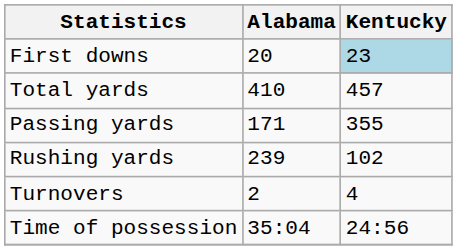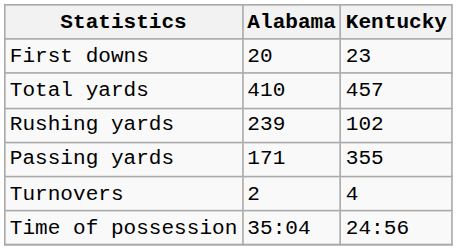 <table class="wikitable" style="float: left;">
 <tr>
 <th>Statistics</th>
 <th>Alabama</th>
 <th>Kentucky</th>
 </tr>
 <tr>
 <td>First downs</td>
 <td>20</td>
-<td style="background: lightblue;">23</td>
+<td>23</td>
 </tr>
 <tr>
 <td>Total yards</td>
 <td>410</td>
 <td>457</td>
 </tr>
 <tr>
+<td>Rushing yards</td>
+<td>239</td>
+<td>102</td>
+</tr>
+<tr>
 <td>Passing yards</td>
 <td>171</td>
 <td>355</td>
-</tr>
-<tr>
-<td>Rushing yards</td>
-<td>239</td>
-<td>102</td>
 </tr>
 <tr>
 <td>Turnovers</td>
 <td>2</td>
 <td>4</td>
 </tr>
 <tr>
 <td>Time of possession</td>
 <td>35:04</td>
 <td>24:56</td>
 </tr>
 <tr>
 </tr>
 </table>
